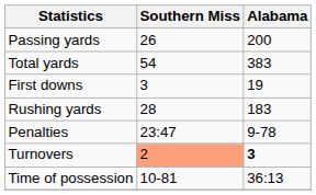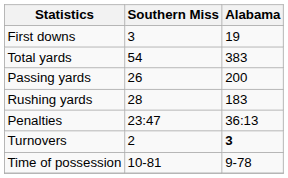 <table class="wikitable" style="float: left;">
 <tr>
 <th>Statistics</th>
 <th>Southern Miss</th>
 <th>Alabama</th>
 </tr>
 <tr>
-<td>Passing yards</td>
-<td>26</td>
-<td>200</td>
+<td>First downs</td>
+<td>3</td>
+<td>19</td>
 </tr>
 <tr>
 <td>Total yards</td>
 <td>54</td>
 <td>383</td>
 </tr>
 <tr>
-<td>First downs</td>
-<td>3</td>
-<td>19</td>
+<td>Passing yards</td>
+<td>26</td>
+<td>200</td>
 </tr>
 <tr>
 <td>Rushing yards</td>
 <td>28</td>
 <td>183</td>
 </tr>
 <tr>
 <td>Penalties</td>
 <td>23:47</td>
-<td>9-78</td>
+<td>36:13</td>
 </tr>
 <tr>
 <td>Turnovers</td>
-<td style="background: lightsalmon;">2</td>
+<td>2</td>
 <td><strong>3</strong></td>
 </tr>
 <tr>
 <td>Time of possession</td>
 <td>10-81</td>
-<td>36:13</td>
+<td>9-78</td>
 </tr>
 <tr>
 </tr>
 </table>
